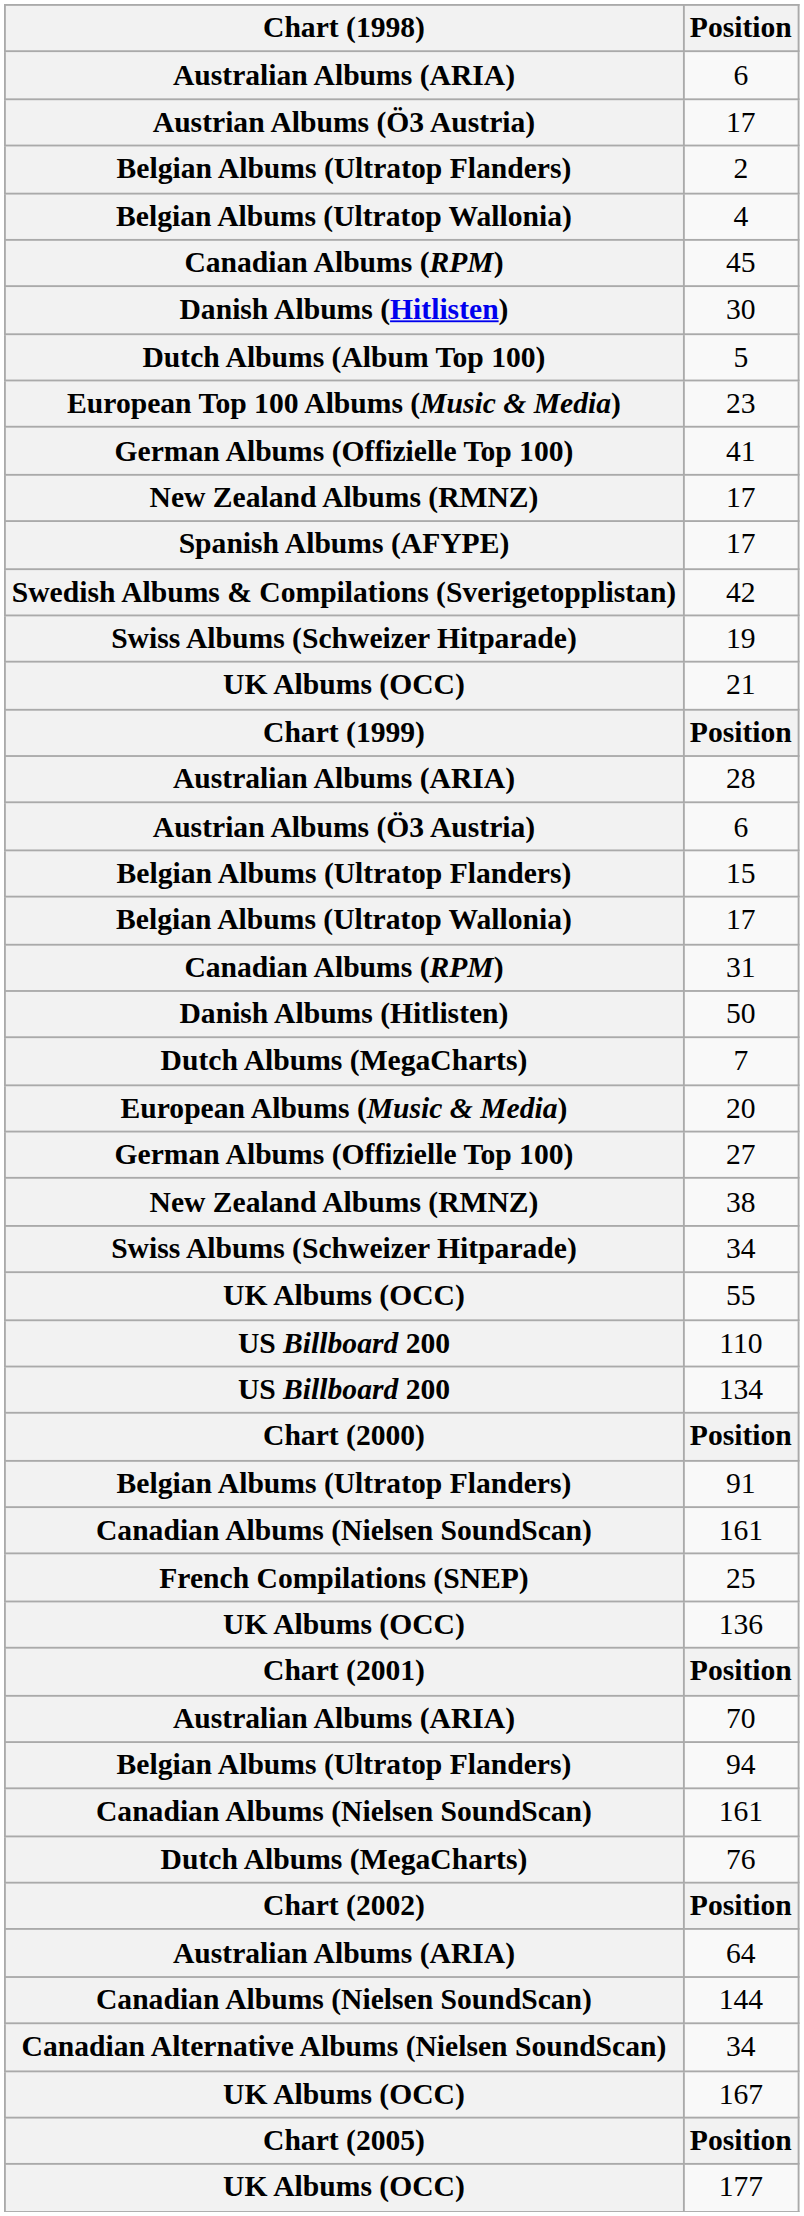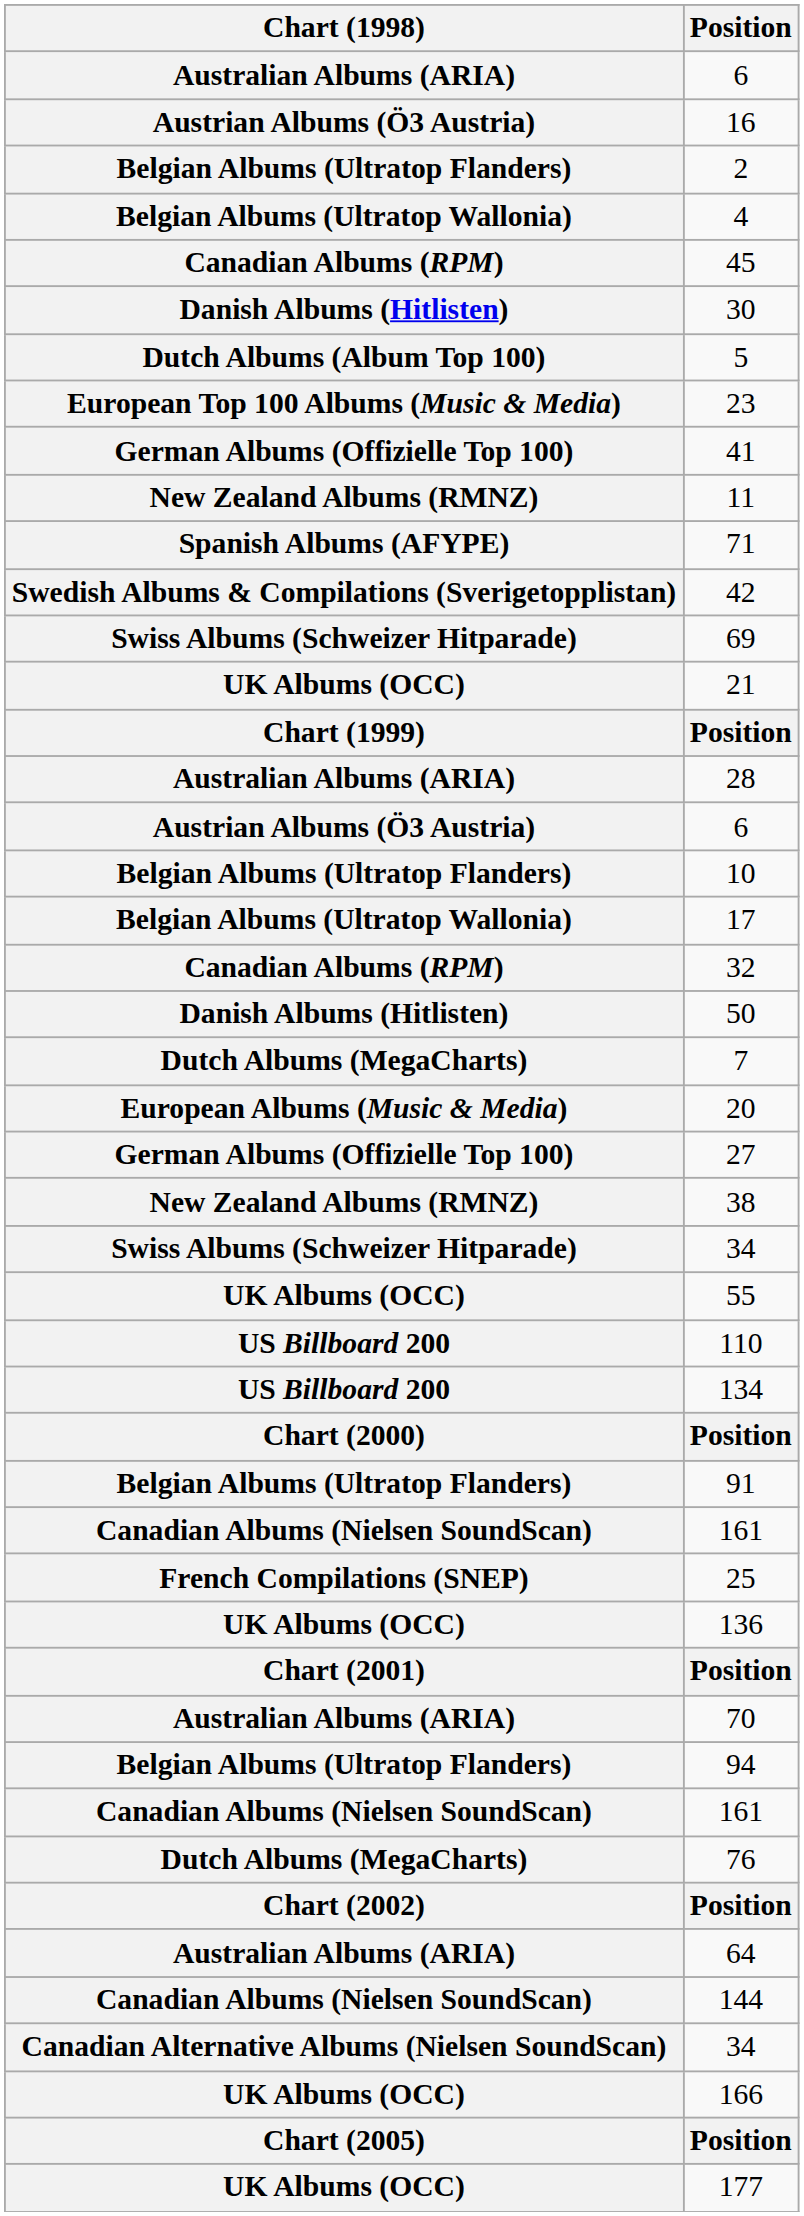 <table class="wikitable plainrowheaders" style="text-align:center;">
 <tr>
 <th scope="col">Chart (1998)</th>
 <th scope="col">Position</th>
 </tr>
 <tr>
 <th scope="row">Australian Albums (ARIA)</th>
 <td>6</td>
 </tr>
 <tr>
 <th scope="row">Austrian Albums (Ö3 Austria)</th>
-<td>17</td>
+<td>16</td>
 </tr>
 <tr>
 <th scope="row">Belgian Albums (Ultratop Flanders)</th>
 <td>2</td>
 </tr>
 <tr>
 <th scope="row">Belgian Albums (Ultratop Wallonia)</th>
 <td>4</td>
 </tr>
 <tr>
 <th scope="row">Canadian Albums (<em>RPM</em>)</th>
 <td>45</td>
 </tr>
 <tr>
 <th scope="row">Danish Albums (<a href='#'>Hitlisten</a>)</th>
 <td>30</td>
 </tr>
 <tr>
 <th scope="row">Dutch Albums (Album Top 100)</th>
 <td>5</td>
 </tr>
 <tr>
 <th scope="row">European Top 100 Albums (<em>Music & Media</em>)</th>
 <td>23</td>
 </tr>
 <tr>
 <th scope="row">German Albums (Offizielle Top 100)</th>
 <td>41</td>
 </tr>
 <tr>
 <th scope="row">New Zealand Albums (RMNZ)</th>
-<td>17</td>
+<td>11</td>
 </tr>
 <tr>
 <th scope="row">Spanish Albums (AFYPE)</th>
-<td>17</td>
+<td>71</td>
 </tr>
 <tr>
 <th scope="row">Swedish Albums & Compilations (Sverigetopplistan)</th>
 <td>42</td>
 </tr>
 <tr>
 <th scope="row">Swiss Albums (Schweizer Hitparade)</th>
-<td>19</td>
+<td>69</td>
 </tr>
 <tr>
 <th scope="row">UK Albums (OCC)</th>
 <td>21</td>
 </tr>
 <tr>
 <th scope="col">Chart (1999)</th>
 <th scope="col">Position</th>
 </tr>
 <tr>
 <th scope="row">Australian Albums (ARIA)</th>
 <td>28</td>
 </tr>
 <tr>
 <th scope="row">Austrian Albums (Ö3 Austria)</th>
 <td>6</td>
 </tr>
 <tr>
 <th scope="row">Belgian Albums (Ultratop Flanders)</th>
-<td>15</td>
+<td>10</td>
 </tr>
 <tr>
 <th scope="row">Belgian Albums (Ultratop Wallonia)</th>
 <td>17</td>
 </tr>
 <tr>
 <th scope="row">Canadian Albums (<em>RPM</em>)</th>
-<td>31</td>
+<td>32</td>
 </tr>
 <tr>
 <th scope="row">Danish Albums (Hitlisten)</th>
 <td>50</td>
 </tr>
 <tr>
 <th scope="row">Dutch Albums (MegaCharts)</th>
 <td>7</td>
 </tr>
 <tr>
 <th scope="row">European Albums (<em>Music & Media</em>)</th>
 <td>20</td>
 </tr>
 <tr>
 <th scope="row">German Albums (Offizielle Top 100)</th>
 <td>27</td>
 </tr>
 <tr>
 <th scope="row">New Zealand Albums (RMNZ)</th>
 <td>38</td>
 </tr>
 <tr>
 <th scope="row">Swiss Albums (Schweizer Hitparade)</th>
 <td>34</td>
 </tr>
 <tr>
 <th scope="row">UK Albums (OCC)</th>
 <td>55</td>
 </tr>
 <tr>
 <th scope="row">US <em>Billboard</em> 200</th>
 <td>110</td>
 </tr>
 <tr>
 <th scope="row">US <em>Billboard</em> 200<br></th>
 <td>134</td>
 </tr>
 <tr>
 <th scope="col">Chart (2000)</th>
 <th scope="col">Position</th>
 </tr>
 <tr>
 <th scope="row">Belgian Albums (Ultratop Flanders)</th>
 <td>91</td>
 </tr>
 <tr>
 <th scope="row">Canadian Albums (Nielsen SoundScan)</th>
 <td>161</td>
 </tr>
 <tr>
 <th scope="row">French Compilations (SNEP)</th>
 <td>25</td>
 </tr>
 <tr>
 <th scope="row">UK Albums (OCC)</th>
 <td>136</td>
 </tr>
 <tr>
 <th scope="col">Chart (2001)</th>
 <th scope="col">Position</th>
 </tr>
 <tr>
 <th scope="row">Australian Albums (ARIA)</th>
 <td>70</td>
 </tr>
 <tr>
 <th scope="row">Belgian Albums (Ultratop Flanders)</th>
 <td>94</td>
 </tr>
 <tr>
 <th scope="row">Canadian Albums (Nielsen SoundScan)</th>
 <td>161</td>
 </tr>
 <tr>
 <th scope="row">Dutch Albums (MegaCharts)</th>
 <td>76</td>
 </tr>
 <tr>
 <th scope="col">Chart (2002)</th>
 <th scope="col">Position</th>
 </tr>
 <tr>
 <th scope="row">Australian Albums (ARIA)</th>
 <td>64</td>
 </tr>
 <tr>
 <th scope="row">Canadian Albums (Nielsen SoundScan)</th>
 <td>144</td>
 </tr>
 <tr>
 <th scope="row">Canadian Alternative Albums (Nielsen SoundScan)</th>
 <td>34</td>
 </tr>
 <tr>
 <th scope="row">UK Albums (OCC)</th>
-<td>167</td>
+<td>166</td>
 </tr>
 <tr>
 <th scope="col">Chart (2005)</th>
 <th scope="col">Position</th>
 </tr>
 <tr>
 <th scope="row">UK Albums (OCC)</th>
 <td>177</td>
 </tr>
 </table>
